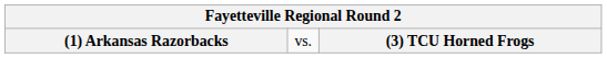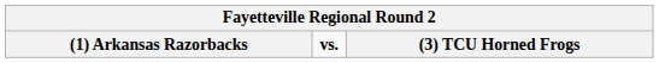 <table class="wikitable">
 <tr>
 <th style="width: 604px;" colspan=3>Fayetteville Regional Round 2</th>
 </tr>
 <tr>
 <th style="width: 289px; ">(1) Arkansas Razorbacks</th>
-<td style="width: 25px; text-align:center">vs.</td>
+<td style="width: 25px; text-align:center"><strong>vs.</strong></td>
 <th style="width: 289px; ">(3) TCU Horned Frogs</th>
 </tr>
 </table>
